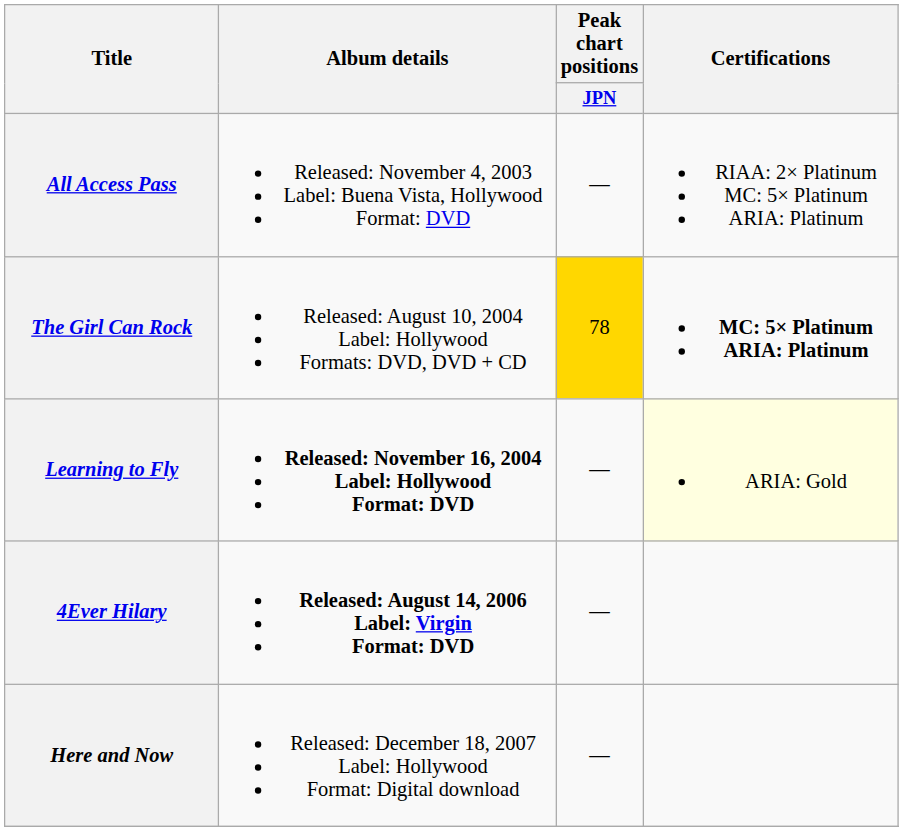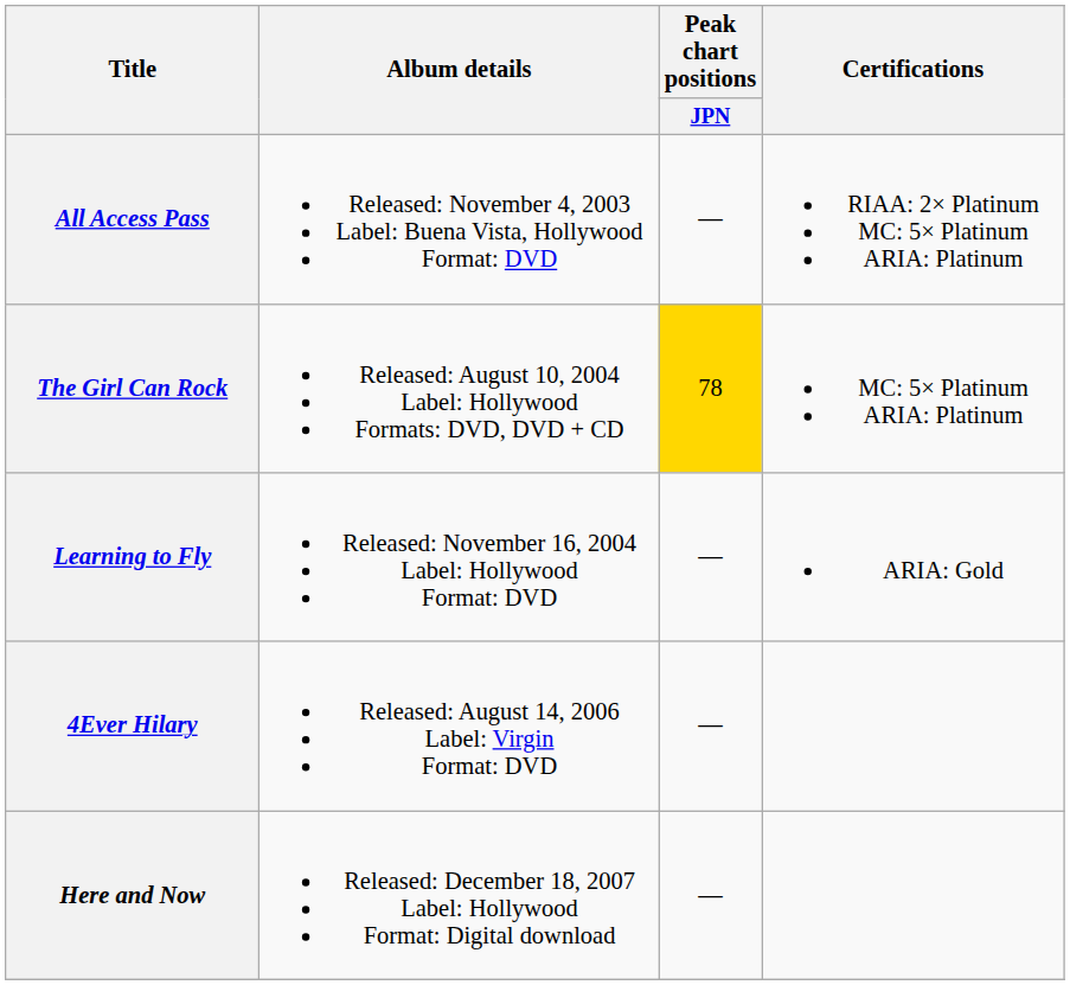 <table class="wikitable plainrowheaders" style="text-align:center;">
 <tr>
 <th scope="col" rowspan="2" style="width:10em;">Title</th>
 <th scope="col" rowspan="2" style="width:16em;">Album details</th>
 <th scope="col">Peak<br>chart<br>positions</th>
 <th scope="col" rowspan="2" style="width:12em;">Certifications</th>
 </tr>
 <tr>
 <th scope="col" style="width:2.5em;font-size:90%;"><a href='#'>JPN</a><br></th>
 </tr>
 <tr>
 <th scope="row"><em><a href='#'>All Access Pass</a></em></th>
 <td><br><ul><li>Released: November 4, 2003</li><li>Label: Buena Vista, Hollywood</li><li>Format: <a href='#'>DVD</a></li></ul></td>
 <td>—</td>
 <td><br><ul><li>RIAA: 2× Platinum</li><li>MC: 5× Platinum</li><li>ARIA: Platinum</li></ul></td>
 </tr>
 <tr>
 <th scope="row"><em><a href='#'>The Girl Can Rock</a></em></th>
 <td><br><ul><li>Released: August 10, 2004</li><li>Label: Hollywood</li><li>Formats: DVD, DVD + CD</li></ul></td>
 <td style="background: gold;">78</td>
-<td><strong><br><ul><li>MC: 5× Platinum</li><li>ARIA: Platinum</li></ul></strong></td>
+<td><br><ul><li>MC: 5× Platinum</li><li>ARIA: Platinum</li></ul></td>
 </tr>
 <tr>
 <th scope="row"><em><a href='#'>Learning to Fly</a></em></th>
-<td><strong><br><ul><li>Released: November 16, 2004</li><li>Label: Hollywood</li><li>Format: DVD</li></ul></strong></td>
+<td><br><ul><li>Released: November 16, 2004</li><li>Label: Hollywood</li><li>Format: DVD</li></ul></td>
 <td>—</td>
-<td style="background: lightyellow;"><br><ul><li>ARIA: Gold</li></ul></td>
+<td><br><ul><li>ARIA: Gold</li></ul></td>
 </tr>
 <tr>
 <th scope="row"><em><a href='#'>4Ever Hilary</a></em></th>
-<td><strong><br><ul><li>Released: August 14, 2006</li><li>Label: <a href='#'>Virgin</a></li><li>Format: DVD</li></ul></strong></td>
+<td><br><ul><li>Released: August 14, 2006</li><li>Label: <a href='#'>Virgin</a></li><li>Format: DVD</li></ul></td>
 <td>—</td>
 <td></td>
 </tr>
 <tr>
 <th scope="row"><em>Here and Now</em></th>
 <td><br><ul><li>Released: December 18, 2007</li><li>Label: Hollywood</li><li>Format: Digital download</li></ul></td>
 <td>—</td>
 <td></td>
 </tr>
 <tr>
 </tr>
 </table>
